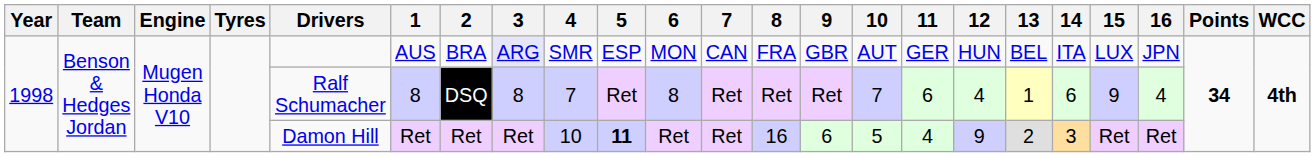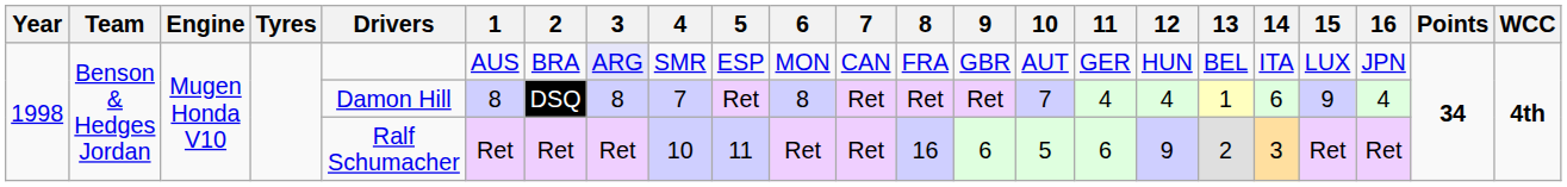 <table class="wikitable" style="text-align:center; font-size:95%">
 <tr>
 <th>Year</th>
 <th>Team</th>
 <th>Engine</th>
 <th>Tyres</th>
 <th>Drivers</th>
 <th>1</th>
 <th>2</th>
 <th>3</th>
 <th>4</th>
 <th>5</th>
 <th>6</th>
 <th>7</th>
 <th>8</th>
 <th>9</th>
 <th>10</th>
 <th>11</th>
 <th>12</th>
 <th>13</th>
 <th>14</th>
 <th>15</th>
 <th>16</th>
 <th>Points</th>
 <th>WCC</th>
 </tr>
 <tr>
 <td rowspan="3"><a href='#'>1998</a></td>
 <td rowspan="3"><a href='#'>Benson & Hedges</a> <a href='#'>Jordan</a></td>
 <td rowspan="3"><a href='#'>Mugen Honda</a> <a href='#'>V10</a></td>
 <td rowspan="3"></td>
 <td></td>
 <td><a href='#'>AUS</a></td>
 <td><a href='#'>BRA</a></td>
 <td style="background: lavender;"><a href='#'>ARG</a></td>
 <td><a href='#'>SMR</a></td>
 <td><a href='#'>ESP</a></td>
 <td><a href='#'>MON</a></td>
 <td><a href='#'>CAN</a></td>
 <td><a href='#'>FRA</a></td>
 <td><a href='#'>GBR</a></td>
 <td><a href='#'>AUT</a></td>
 <td><a href='#'>GER</a></td>
 <td><a href='#'>HUN</a></td>
 <td><a href='#'>BEL</a></td>
 <td><a href='#'>ITA</a></td>
 <td><a href='#'>LUX</a></td>
 <td><a href='#'>JPN</a></td>
 <td rowspan="3"><strong>34</strong></td>
 <td rowspan="3"><strong>4th</strong></td>
 </tr>
 <tr>
-<td><a href='#'>Ralf Schumacher</a></td>
+<td><a href='#'>Damon Hill</a></td>
 <td style="background:#CFCFFF;">8</td>
 <td style="background:#000000; color:white">DSQ</td>
 <td style="background:#CFCFFF;">8</td>
 <td style="background:#CFCFFF;">7</td>
 <td style="background:#EFCFFF;">Ret</td>
 <td style="background:#CFCFFF;">8</td>
 <td style="background:#EFCFFF;">Ret</td>
 <td style="background:#EFCFFF;">Ret</td>
 <td style="background:#EFCFFF;">Ret</td>
 <td style="background:#CFCFFF;">7</td>
-<td style="background:#DFFFDF;">6</td>
+<td style="background:#DFFFDF;">4</td>
 <td style="background:#DFFFDF;">4</td>
 <td style="background:#FFFFBF;">1</td>
 <td style="background:#DFFFDF;">6</td>
 <td style="background:#CFCFFF;">9</td>
 <td style="background:#DFFFDF;">4</td>
 </tr>
 <tr>
-<td><a href='#'>Damon Hill</a></td>
+<td><a href='#'>Ralf Schumacher</a></td>
 <td style="background:#EFCFFF;">Ret</td>
 <td style="background:#EFCFFF;">Ret</td>
 <td style="background:#EFCFFF;">Ret</td>
 <td style="background:#CFCFFF;">10</td>
-<td style="background:#CFCFFF;"><strong>11</strong></td>
+<td style="background:#CFCFFF;">11</td>
 <td style="background:#EFCFFF;">Ret</td>
 <td style="background:#EFCFFF;">Ret</td>
 <td style="background:#CFCFFF;">16</td>
 <td style="background:#DFFFDF;">6</td>
 <td style="background:#DFFFDF;">5</td>
-<td style="background:#DFFFDF;">4</td>
+<td style="background:#DFFFDF;">6</td>
 <td style="background:#CFCFFF;">9</td>
 <td style="background:#DFDFDF;">2</td>
 <td style="background:#FFDF9F;">3</td>
 <td style="background:#EFCFFF;">Ret</td>
 <td style="background:#EFCFFF;">Ret</td>
 </tr>
 </table>
